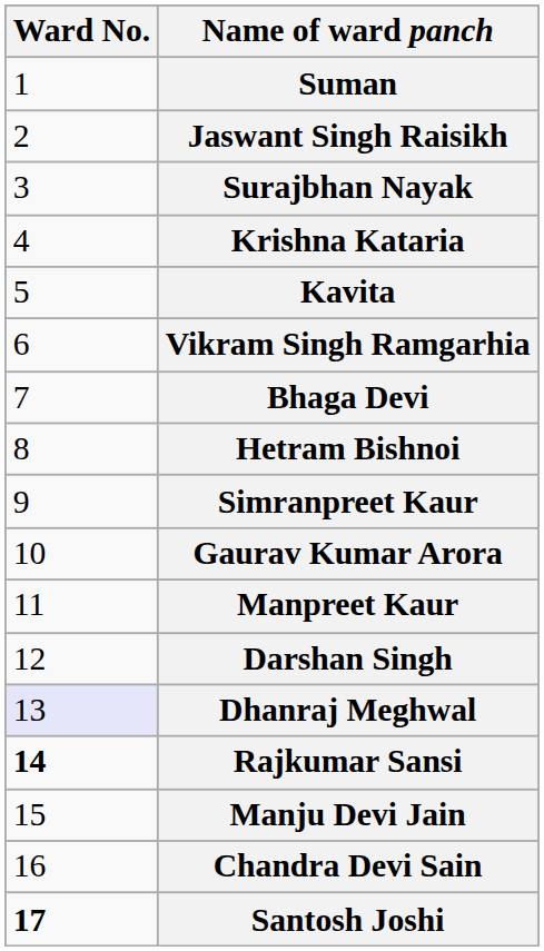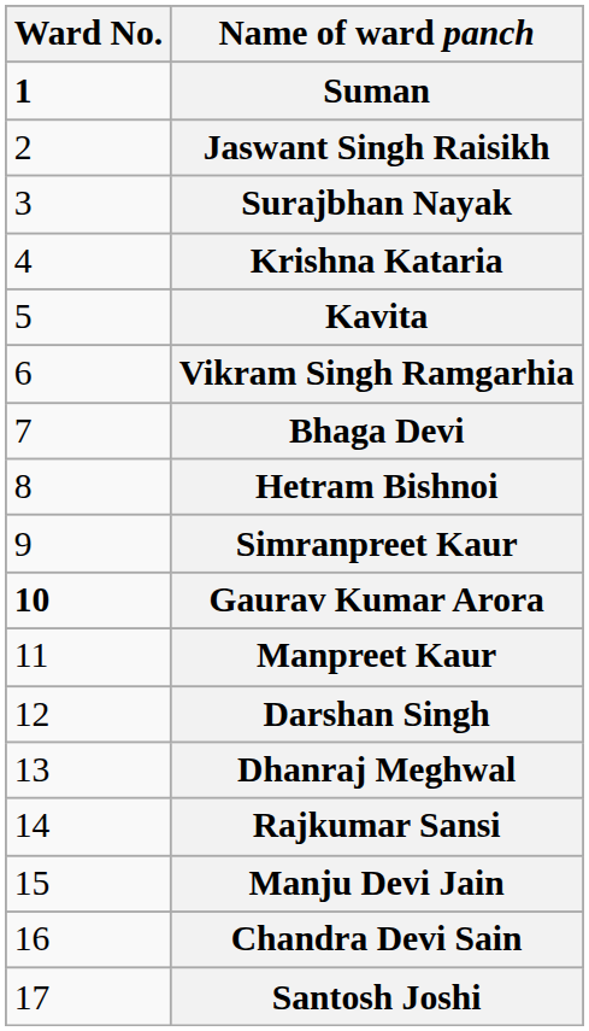 <table class="wikitable sortable plainrowheaders">
 <tr>
 <th scope="col">Ward No.</th>
 <th scope="col">Name of ward <em>panch</em></th>
 </tr>
 <tr>
-<td>1</td>
+<td><strong>1</strong></td>
 <th scope=row>Suman</th>
 </tr>
 <tr>
 <td>2</td>
 <th scope=row>Jaswant Singh Raisikh</th>
 </tr>
 <tr>
 <td>3</td>
 <th scope=row>Surajbhan Nayak</th>
 </tr>
 <tr>
 <td>4</td>
 <th scope=row>Krishna Kataria</th>
 </tr>
 <tr>
 <td>5</td>
 <th scope=row>Kavita</th>
 </tr>
 <tr>
 <td>6</td>
 <th scope=row>Vikram Singh Ramgarhia</th>
 </tr>
 <tr>
 <td>7</td>
 <th scope=row>Bhaga Devi</th>
 </tr>
 <tr>
 <td>8</td>
 <th scope=row>Hetram Bishnoi</th>
 </tr>
 <tr>
 <td>9</td>
 <th scope=row>Simranpreet Kaur</th>
 </tr>
 <tr>
-<td>10</td>
+<td><strong>10</strong></td>
 <th scope=row>Gaurav Kumar Arora</th>
 </tr>
 <tr>
 <td>11</td>
 <th scope=row>Manpreet Kaur</th>
 </tr>
 <tr>
 <td>12</td>
 <th scope=row>Darshan Singh</th>
 </tr>
 <tr>
-<td style="background: lavender;">13</td>
+<td>13</td>
 <th scope=row>Dhanraj Meghwal</th>
 </tr>
 <tr>
-<td><strong>14</strong></td>
+<td>14</td>
 <th scope=row>Rajkumar Sansi</th>
 </tr>
 <tr>
 <td>15</td>
 <th scope=row>Manju Devi Jain</th>
 </tr>
 <tr>
 <td>16</td>
 <th scope=row>Chandra Devi Sain</th>
 </tr>
 <tr>
-<td><strong>17</strong></td>
+<td>17</td>
 <th scope=row>Santosh Joshi</th>
 </tr>
 </table>
